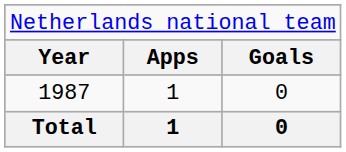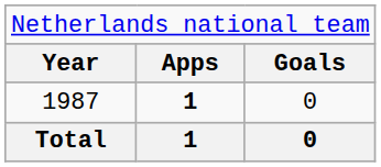 <table class="wikitable" style="text-align:center">
 <tr>
 <td colspan="3"><a href='#'>Netherlands national team</a></td>
 </tr>
 <tr>
 <th>Year</th>
 <th>Apps</th>
 <th>Goals</th>
 </tr>
 <tr>
 <td>1987</td>
-<td>1</td>
+<td><strong>1</strong></td>
 <td>0</td>
 </tr>
 <tr>
 <th>Total</th>
 <th>1</th>
 <th>0</th>
 </tr>
 </table>
